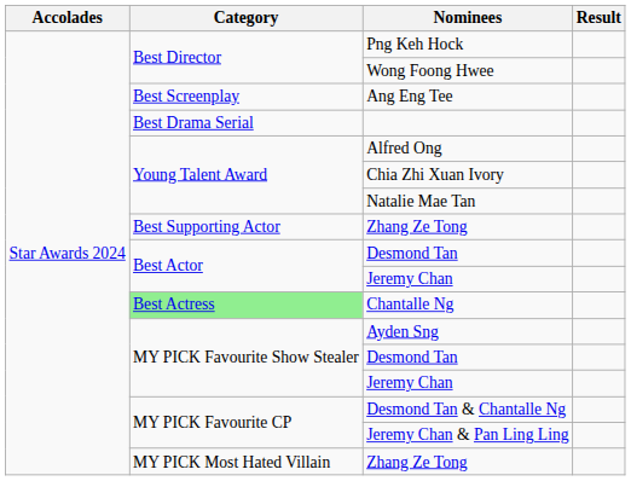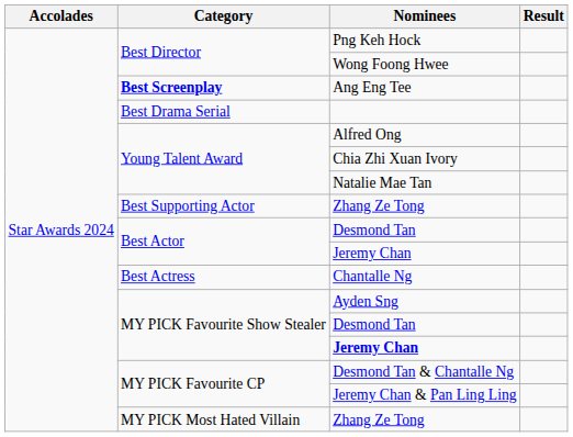 <table class="wikitable sortable">
 <tr>
 <th>Accolades</th>
 <th>Category</th>
 <th>Nominees</th>
 <th>Result</th>
 </tr>
 <tr>
 <td rowspan="19"><a href='#'>Star Awards 2024</a></td>
 <td rowspan="2"><a href='#'> Best Director</a></td>
 <td>Png Keh Hock</td>
 <td></td>
 </tr>
 <tr>
 <td>Wong Foong Hwee</td>
 <td></td>
 </tr>
 <tr>
-<td><a href='#'>Best Screenplay</a></td>
+<td><strong><a href='#'>Best Screenplay</a></strong></td>
 <td>Ang Eng Tee</td>
 <td></td>
 </tr>
 <tr>
 <td><a href='#'>Best Drama Serial</a></td>
 <td></td>
 <td></td>
 </tr>
 <tr>
 <td rowspan="3"><a href='#'>Young Talent Award</a></td>
 <td>Alfred Ong</td>
 <td></td>
 </tr>
 <tr>
 <td>Chia Zhi Xuan Ivory</td>
 <td></td>
 </tr>
 <tr>
 <td>Natalie Mae Tan</td>
 <td></td>
 </tr>
 <tr>
 <td><a href='#'>Best Supporting Actor</a></td>
 <td><a href='#'>Zhang Ze Tong</a></td>
 <td></td>
 </tr>
 <tr>
 <td rowspan="2"><a href='#'>Best Actor</a></td>
 <td><a href='#'>Desmond Tan</a></td>
 <td></td>
 </tr>
 <tr>
 <td><a href='#'>Jeremy Chan</a></td>
 <td></td>
 </tr>
 <tr>
-<td style="background: lightgreen;"><a href='#'>Best Actress</a></td>
+<td><a href='#'>Best Actress</a></td>
 <td><a href='#'>Chantalle Ng</a></td>
 <td></td>
 </tr>
 <tr>
 <td rowspan="3">MY PICK Favourite Show Stealer</td>
 <td><a href='#'>Ayden Sng</a></td>
 <td></td>
 </tr>
 <tr>
 <td><a href='#'>Desmond Tan</a></td>
 <td></td>
 </tr>
 <tr>
-<td><a href='#'>Jeremy Chan</a></td>
+<td><strong><a href='#'>Jeremy Chan</a></strong></td>
 <td></td>
 </tr>
 <tr>
 <td rowspan="2">MY PICK Favourite CP</td>
 <td><a href='#'>Desmond Tan</a> & <a href='#'>Chantalle Ng</a></td>
 <td></td>
 </tr>
 <tr>
 <td><a href='#'>Jeremy Chan</a> & <a href='#'>Pan Ling Ling</a></td>
 <td></td>
 </tr>
 <tr>
 <td>MY PICK Most Hated Villain</td>
 <td><a href='#'>Zhang Ze Tong</a></td>
 <td></td>
 </tr>
 </table>
